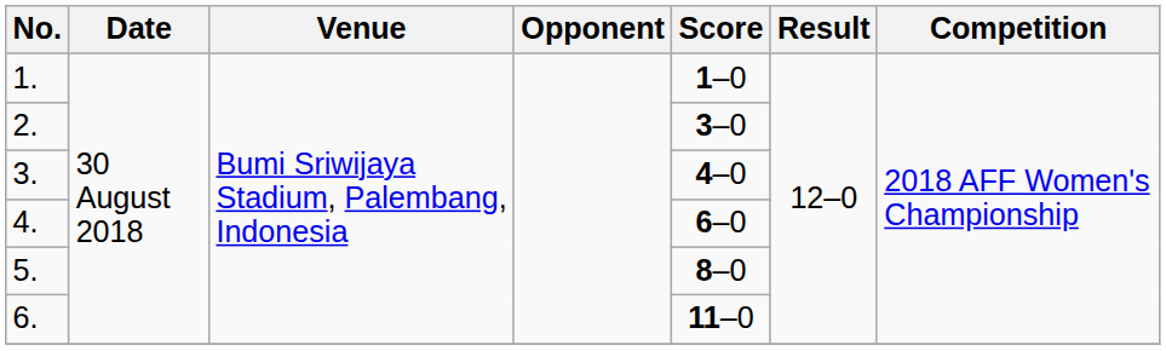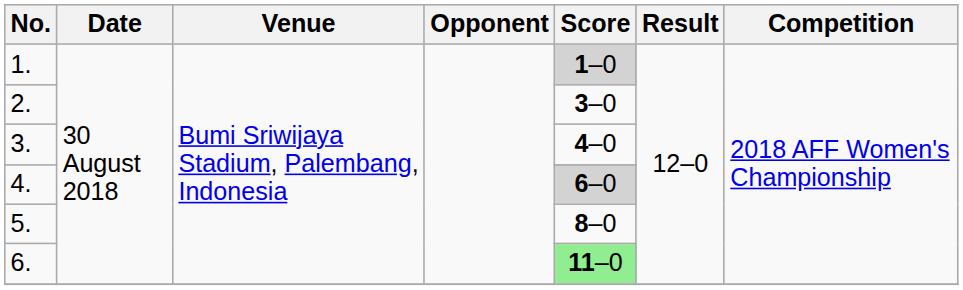 <table class="wikitable">
 <tr>
 <th>No.</th>
 <th>Date</th>
 <th>Venue</th>
 <th>Opponent</th>
 <th>Score</th>
 <th>Result</th>
 <th>Competition</th>
 </tr>
 <tr>
 <td>1.</td>
 <td rowspan=6>30 August 2018</td>
 <td rowspan=6><a href='#'>Bumi Sriwijaya Stadium</a>, <a href='#'>Palembang</a>, <a href='#'>Indonesia</a></td>
 <td rowspan=6></td>
-<td align=center><strong>1</strong>–0</td>
+<td align=center style="background: lightgrey;"><strong>1</strong>–0</td>
 <td rowspan=6 align=center>12–0</td>
 <td rowspan=6><a href='#'>2018 AFF Women's Championship</a></td>
 </tr>
 <tr>
 <td>2.</td>
 <td align=center><strong>3</strong>–0</td>
 </tr>
 <tr>
 <td>3.</td>
 <td align=center><strong>4</strong>–0</td>
 </tr>
 <tr>
 <td>4.</td>
-<td align=center><strong>6</strong>–0</td>
+<td align=center style="background: lightgrey;"><strong>6</strong>–0</td>
 </tr>
 <tr>
 <td>5.</td>
 <td align=center><strong>8</strong>–0</td>
 </tr>
 <tr>
 <td>6.</td>
-<td align=center><strong>11</strong>–0</td>
+<td align=center style="background: lightgreen;"><strong>11</strong>–0</td>
 </tr>
 <tr>
 </tr>
 </table>
